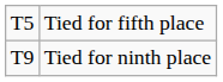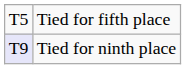 <table class="wikitable" style="font-size:90%;">
 <tr>
 <td>T5</td>
 <td>Tied for fifth place</td>
 </tr>
 <tr>
-<td>T9</td>
+<td style="background: lavender;">T9</td>
 <td>Tied for ninth place</td>
 </tr>
 </table>
